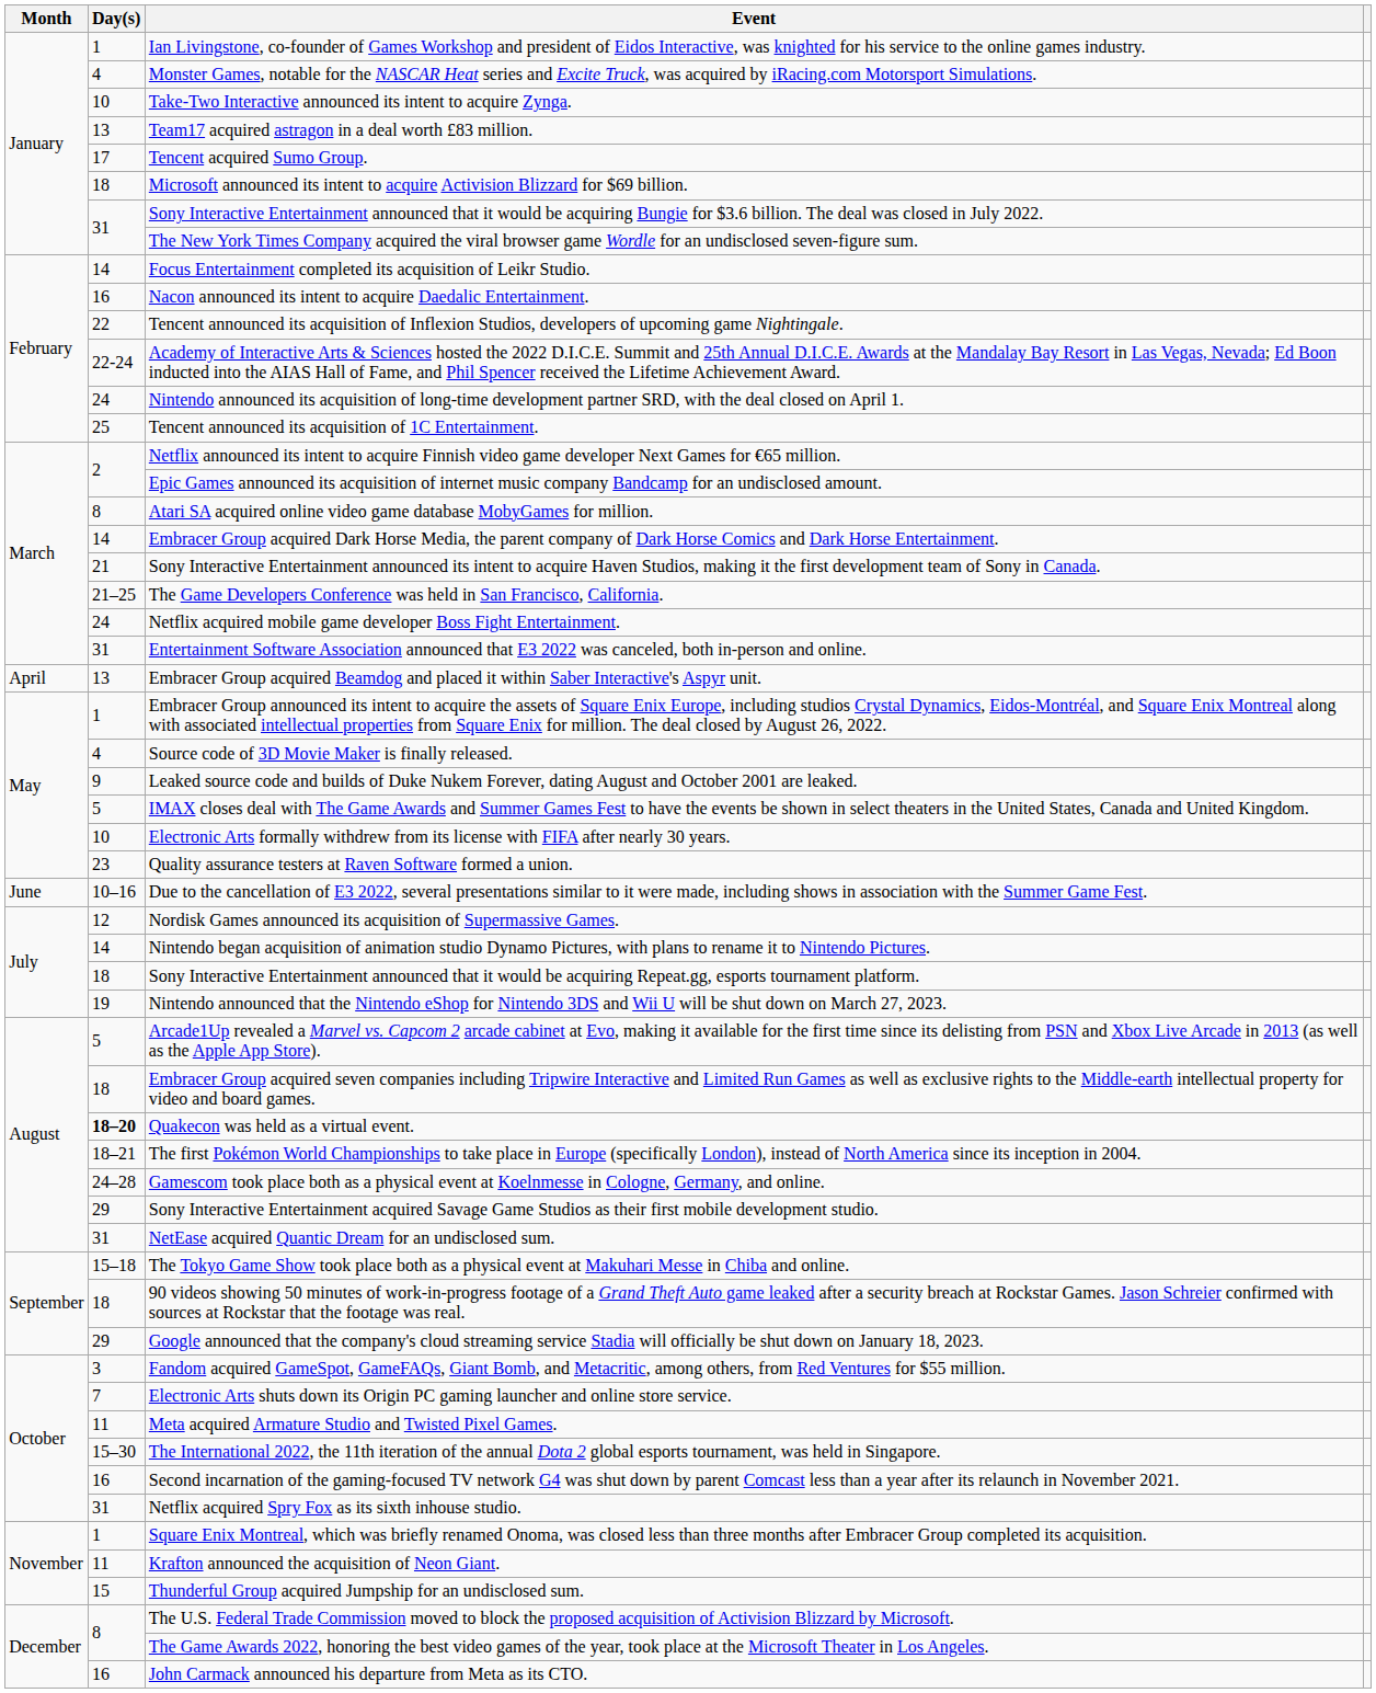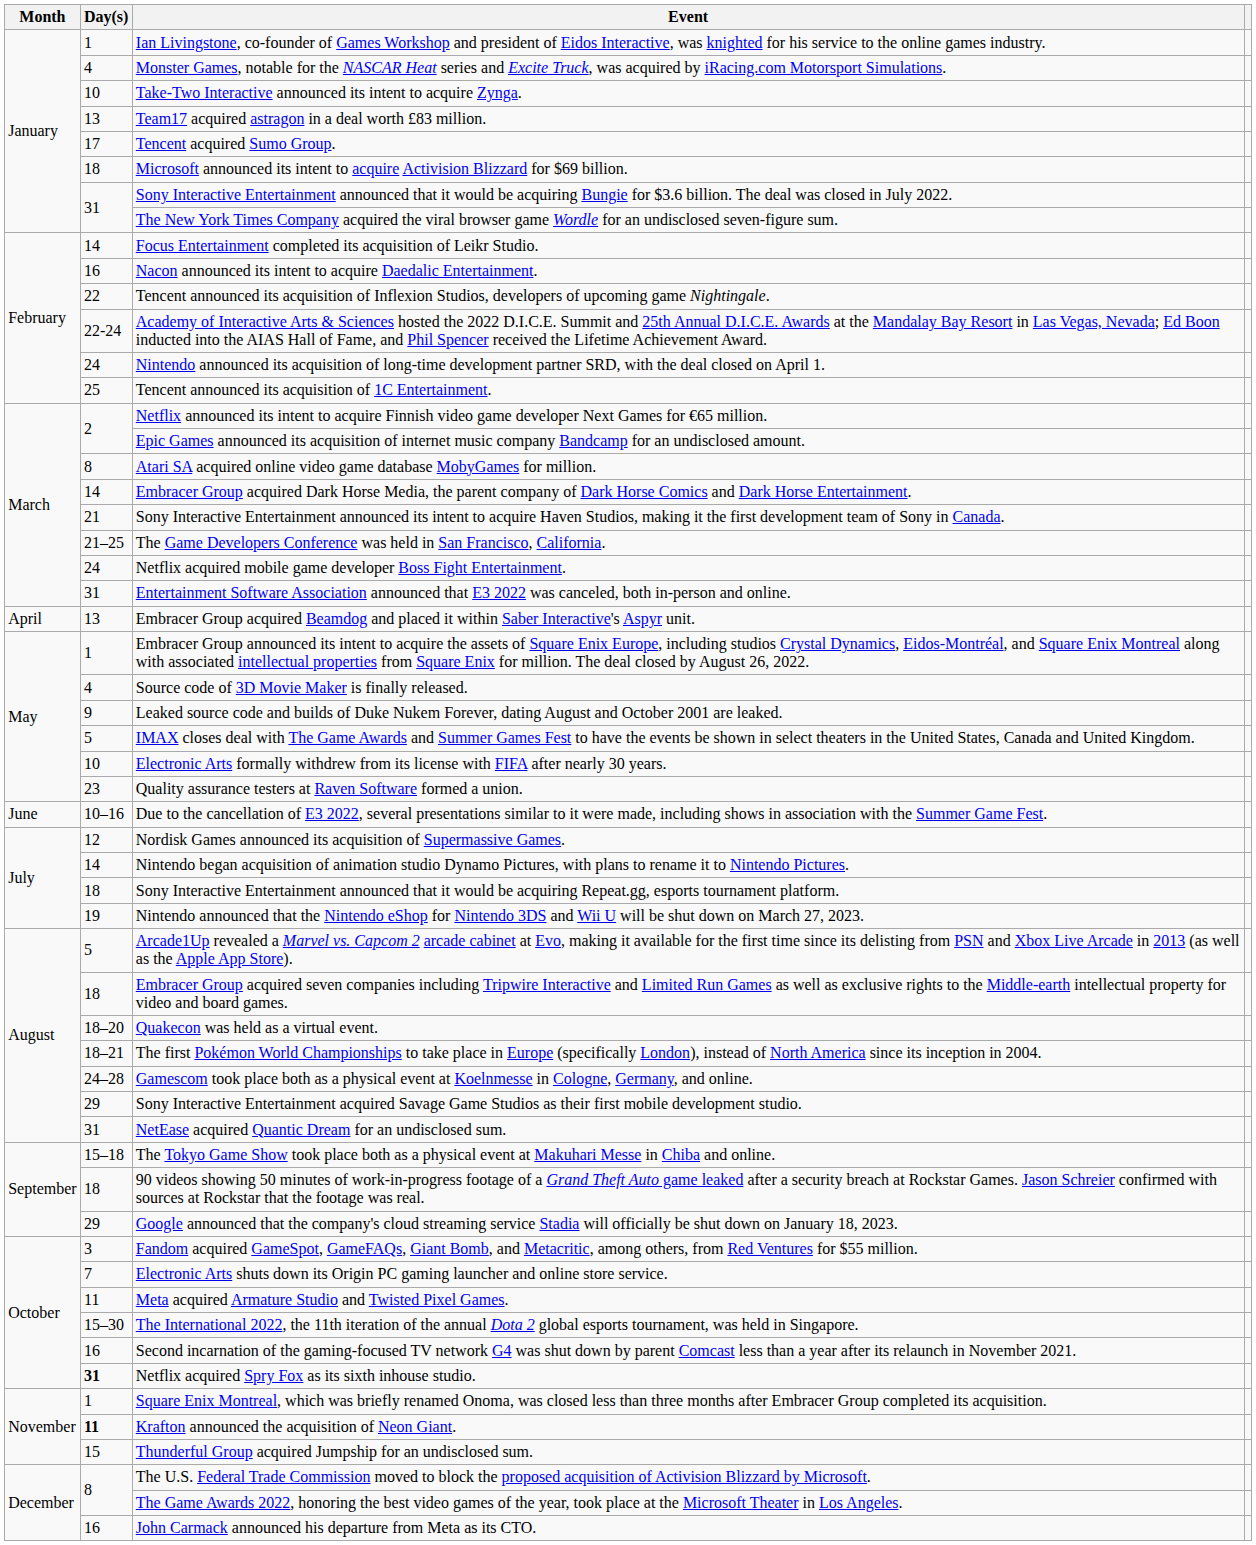 <table class="wikitable">
 <tr>
 <th>Month</th>
 <th>Day(s)</th>
 <th>Event</th>
 <th></th>
 </tr>
 <tr>
 <td rowspan="8">January</td>
 <td>1</td>
 <td><a href='#'>Ian Livingstone</a>, co-founder of <a href='#'>Games Workshop</a> and president of <a href='#'>Eidos Interactive</a>, was <a href='#'>knighted</a> for his service to the online games industry.</td>
 <td></td>
 </tr>
 <tr>
 <td>4</td>
 <td><a href='#'>Monster Games</a>, notable for the <em><a href='#'>NASCAR Heat</a></em> series and <em><a href='#'>Excite Truck</a></em>, was acquired by <a href='#'>iRacing.com Motorsport Simulations</a>.</td>
 <td></td>
 </tr>
 <tr>
 <td>10</td>
 <td><a href='#'>Take-Two Interactive</a> announced its intent to acquire <a href='#'>Zynga</a>.</td>
 <td></td>
 </tr>
 <tr>
 <td>13</td>
 <td><a href='#'>Team17</a> acquired <a href='#'>astragon</a> in a deal worth £83 million.</td>
 <td></td>
 </tr>
 <tr>
 <td>17</td>
 <td><a href='#'>Tencent</a> acquired <a href='#'>Sumo Group</a>.</td>
 <td></td>
 </tr>
 <tr>
 <td>18</td>
 <td><a href='#'>Microsoft</a> announced its intent to <a href='#'>acquire</a> <a href='#'>Activision Blizzard</a> for $69 billion.</td>
 <td></td>
 </tr>
 <tr>
 <td rowspan="2">31</td>
 <td><a href='#'>Sony Interactive Entertainment</a> announced that it would be acquiring <a href='#'>Bungie</a> for $3.6 billion. The deal was closed in July 2022.</td>
 <td></td>
 </tr>
 <tr>
 <td><a href='#'>The New York Times Company</a> acquired the viral browser game <em><a href='#'>Wordle</a></em> for an undisclosed seven-figure sum.</td>
 <td></td>
 </tr>
 <tr>
 <td rowspan="6">February</td>
 <td>14</td>
 <td><a href='#'>Focus Entertainment</a> completed its acquisition of Leikr Studio.</td>
 <td></td>
 </tr>
 <tr>
 <td>16</td>
 <td><a href='#'>Nacon</a> announced its intent to acquire <a href='#'>Daedalic Entertainment</a>.</td>
 <td></td>
 </tr>
 <tr>
 <td>22</td>
 <td>Tencent announced its acquisition of Inflexion Studios, developers of upcoming game <em>Nightingale</em>.</td>
 <td></td>
 </tr>
 <tr>
 <td>22-24</td>
 <td><a href='#'>Academy of Interactive Arts & Sciences</a> hosted the 2022 D.I.C.E. Summit and <a href='#'>25th Annual D.I.C.E. Awards</a> at the <a href='#'>Mandalay Bay Resort</a> in <a href='#'>Las Vegas, Nevada</a>; <a href='#'>Ed Boon</a> inducted into the AIAS Hall of Fame, and <a href='#'>Phil Spencer</a> received the Lifetime Achievement Award.</td>
 <td></td>
 </tr>
 <tr>
 <td>24</td>
 <td><a href='#'>Nintendo</a> announced its acquisition of long-time development partner SRD, with the deal closed on April 1.</td>
 <td></td>
 </tr>
 <tr>
 <td>25</td>
 <td>Tencent announced its acquisition of <a href='#'>1C Entertainment</a>.</td>
 <td></td>
 </tr>
 <tr>
 <td rowspan="8">March</td>
 <td rowspan="2">2</td>
 <td><a href='#'>Netflix</a> announced its intent to acquire Finnish video game developer Next Games for €65 million.</td>
 <td></td>
 </tr>
 <tr>
 <td><a href='#'>Epic Games</a> announced its acquisition of internet music company <a href='#'>Bandcamp</a> for an undisclosed amount.</td>
 <td></td>
 </tr>
 <tr>
 <td>8</td>
 <td><a href='#'>Atari SA</a> acquired online video game database <a href='#'>MobyGames</a> for  million.</td>
 <td></td>
 </tr>
 <tr>
 <td>14</td>
 <td><a href='#'>Embracer Group</a> acquired Dark Horse Media, the parent company of <a href='#'>Dark Horse Comics</a> and <a href='#'>Dark Horse Entertainment</a>.</td>
 <td></td>
 </tr>
 <tr>
 <td>21</td>
 <td>Sony Interactive Entertainment announced its intent to acquire Haven Studios, making it the first development team of Sony in <a href='#'>Canada</a>.</td>
 <td></td>
 </tr>
 <tr>
 <td>21–25</td>
 <td>The <a href='#'>Game Developers Conference</a> was held in <a href='#'>San Francisco</a>, <a href='#'>California</a>.</td>
 <td></td>
 </tr>
 <tr>
 <td>24</td>
 <td>Netflix acquired mobile game developer <a href='#'>Boss Fight Entertainment</a>.</td>
 <td></td>
 </tr>
 <tr>
 <td>31</td>
 <td><a href='#'>Entertainment Software Association</a> announced that <a href='#'>E3 2022</a> was canceled, both in-person and online.</td>
 <td></td>
 </tr>
 <tr>
 <td>April</td>
 <td>13</td>
 <td>Embracer Group acquired <a href='#'>Beamdog</a> and placed it within <a href='#'>Saber Interactive</a>'s <a href='#'>Aspyr</a> unit.</td>
 <td></td>
 </tr>
 <tr>
 <td rowspan="6">May</td>
 <td>1</td>
 <td>Embracer Group announced its intent to acquire the assets of <a href='#'>Square Enix Europe</a>, including studios <a href='#'>Crystal Dynamics</a>, <a href='#'>Eidos-Montréal</a>, and <a href='#'>Square Enix Montreal</a> along with associated <a href='#'>intellectual properties</a> from <a href='#'>Square Enix</a> for  million. The deal closed by August 26, 2022.</td>
 <td></td>
 </tr>
 <tr>
 <td>4</td>
 <td>Source code of <a href='#'>3D Movie Maker</a> is finally released.</td>
 <td></td>
 </tr>
 <tr>
 <td>9</td>
 <td>Leaked source code and builds of Duke Nukem Forever, dating August and October 2001 are leaked.</td>
 <td></td>
 </tr>
 <tr>
 <td>5</td>
 <td><a href='#'>IMAX</a> closes deal with <a href='#'>The Game Awards</a> and <a href='#'>Summer Games Fest</a> to have the events be shown in select theaters in the United States, Canada and United Kingdom.</td>
 <td></td>
 </tr>
 <tr>
 <td>10</td>
 <td><a href='#'>Electronic Arts</a> formally withdrew from its license with <a href='#'>FIFA</a> after nearly 30 years.</td>
 <td></td>
 </tr>
 <tr>
 <td>23</td>
 <td>Quality assurance testers at <a href='#'>Raven Software</a> formed a union.</td>
 <td></td>
 </tr>
 <tr>
 <td>June</td>
 <td>10–16</td>
 <td>Due to the cancellation of <a href='#'>E3 2022</a>, several presentations similar to it were made, including shows in association with the <a href='#'>Summer Game Fest</a>.</td>
 <td></td>
 </tr>
 <tr>
 <td rowspan="4">July</td>
 <td>12</td>
 <td>Nordisk Games announced its acquisition of <a href='#'>Supermassive Games</a>.</td>
 <td></td>
 </tr>
 <tr>
 <td>14</td>
 <td>Nintendo began acquisition of animation studio Dynamo Pictures, with plans to rename it to <a href='#'>Nintendo Pictures</a>. </td>
 <td></td>
 </tr>
 <tr>
 <td>18</td>
 <td>Sony Interactive Entertainment announced that it would be acquiring Repeat.gg, esports tournament platform.</td>
 <td></td>
 </tr>
 <tr>
 <td>19</td>
 <td>Nintendo announced that the <a href='#'>Nintendo eShop</a> for <a href='#'>Nintendo 3DS</a> and <a href='#'>Wii U</a> will be shut down on March 27, 2023.</td>
 <td></td>
 </tr>
 <tr>
 <td rowspan="7">August</td>
 <td>5</td>
 <td><a href='#'>Arcade1Up</a> revealed a <a href='#'><em>Marvel vs. Capcom 2</em></a> <a href='#'>arcade cabinet</a> at <a href='#'>Evo</a>, making it available for the first time since its delisting from <a href='#'>PSN</a> and <a href='#'>Xbox Live Arcade</a> in <a href='#'>2013</a> (as well as the <a href='#'>Apple App Store</a>).</td>
 <td></td>
 </tr>
 <tr>
 <td>18</td>
 <td><a href='#'>Embracer Group</a> acquired seven companies including <a href='#'>Tripwire Interactive</a> and <a href='#'>Limited Run Games</a> as well as exclusive rights to the <a href='#'>Middle-earth</a> intellectual property for video and board games.</td>
 <td></td>
 </tr>
 <tr>
-<td><strong>18–20</strong></td>
+<td>18–20</td>
 <td><a href='#'>Quakecon</a> was held as a virtual event.</td>
 <td></td>
 </tr>
 <tr>
 <td>18–21</td>
 <td>The first <a href='#'>Pokémon World Championships</a> to take place in <a href='#'>Europe</a> (specifically <a href='#'>London</a>), instead of <a href='#'>North America</a> since its inception in 2004.</td>
 <td></td>
 </tr>
 <tr>
 <td>24–28</td>
 <td><a href='#'>Gamescom</a> took place both as a physical event at <a href='#'>Koelnmesse</a> in <a href='#'>Cologne</a>, <a href='#'>Germany</a>, and online.</td>
 <td></td>
 </tr>
 <tr>
 <td>29</td>
 <td>Sony Interactive Entertainment acquired Savage Game Studios as their first mobile development studio.</td>
 <td></td>
 </tr>
 <tr>
 <td>31</td>
 <td><a href='#'>NetEase</a> acquired <a href='#'>Quantic Dream</a> for an undisclosed sum.</td>
 <td></td>
 </tr>
 <tr>
 <td rowspan="3">September</td>
 <td>15–18</td>
 <td>The <a href='#'>Tokyo Game Show</a> took place both as a physical event at <a href='#'>Makuhari Messe</a> in <a href='#'>Chiba</a> and online.</td>
 <td></td>
 </tr>
 <tr>
 <td>18</td>
 <td>90 videos showing 50 minutes of work-in-progress footage of a <a href='#'><em>Grand Theft Auto</em> game leaked</a> after a security breach at Rockstar Games. <a href='#'>Jason Schreier</a> confirmed with sources at Rockstar that the footage was real.</td>
 <td></td>
 </tr>
 <tr>
 <td>29</td>
 <td><a href='#'>Google</a> announced that the company's cloud streaming service <a href='#'>Stadia</a> will officially be shut down on January 18, 2023.</td>
 <td></td>
 </tr>
 <tr>
 <td rowspan="6">October</td>
 <td>3</td>
 <td><a href='#'>Fandom</a> acquired <a href='#'>GameSpot</a>, <a href='#'>GameFAQs</a>, <a href='#'>Giant Bomb</a>, and <a href='#'>Metacritic</a>, among others, from <a href='#'>Red Ventures</a> for $55 million.</td>
 <td></td>
 </tr>
 <tr>
 <td>7</td>
 <td><a href='#'>Electronic Arts</a> shuts down its Origin PC gaming launcher and online store service.</td>
 <td></td>
 </tr>
 <tr>
 <td>11</td>
 <td><a href='#'>Meta</a> acquired <a href='#'>Armature Studio</a> and <a href='#'>Twisted Pixel Games</a>.</td>
 <td></td>
 </tr>
 <tr>
 <td>15–30</td>
 <td><a href='#'>The International 2022</a>, the 11th iteration of the annual <em><a href='#'>Dota 2</a></em> global esports tournament, was held in Singapore.</td>
 <td></td>
 </tr>
 <tr>
 <td>16</td>
 <td>Second incarnation of the gaming-focused TV network <a href='#'>G4</a> was shut down by parent <a href='#'>Comcast</a> less than a year after its relaunch in November 2021.</td>
 <td></td>
 </tr>
 <tr>
-<td>31</td>
+<td><strong>31</strong></td>
 <td>Netflix acquired <a href='#'>Spry Fox</a> as its sixth inhouse studio.</td>
 <td></td>
 </tr>
 <tr>
 <td rowspan=3>November</td>
 <td>1</td>
 <td><a href='#'>Square Enix Montreal</a>, which was briefly renamed Onoma, was closed less than three months after Embracer Group completed its acquisition.</td>
 <td></td>
 </tr>
 <tr>
-<td>11</td>
+<td><strong>11</strong></td>
 <td><a href='#'>Krafton</a> announced the acquisition of <a href='#'>Neon Giant</a>.</td>
 <td></td>
 </tr>
 <tr>
 <td>15</td>
 <td><a href='#'>Thunderful Group</a> acquired Jumpship for an undisclosed sum.</td>
 <td></td>
 </tr>
 <tr>
 <td rowspan="3">December</td>
 <td rowspan="2">8</td>
 <td>The U.S. <a href='#'>Federal Trade Commission</a> moved to block the <a href='#'>proposed acquisition of Activision Blizzard by Microsoft</a>.</td>
 <td></td>
 </tr>
 <tr>
 <td><a href='#'>The Game Awards 2022</a>, honoring the best video games of the year, took place at the <a href='#'>Microsoft Theater</a> in <a href='#'>Los Angeles</a>.</td>
 <td></td>
 </tr>
 <tr>
 <td>16</td>
 <td><a href='#'>John Carmack</a> announced his departure from Meta as its CTO.</td>
 <td></td>
 </tr>
 </table>
